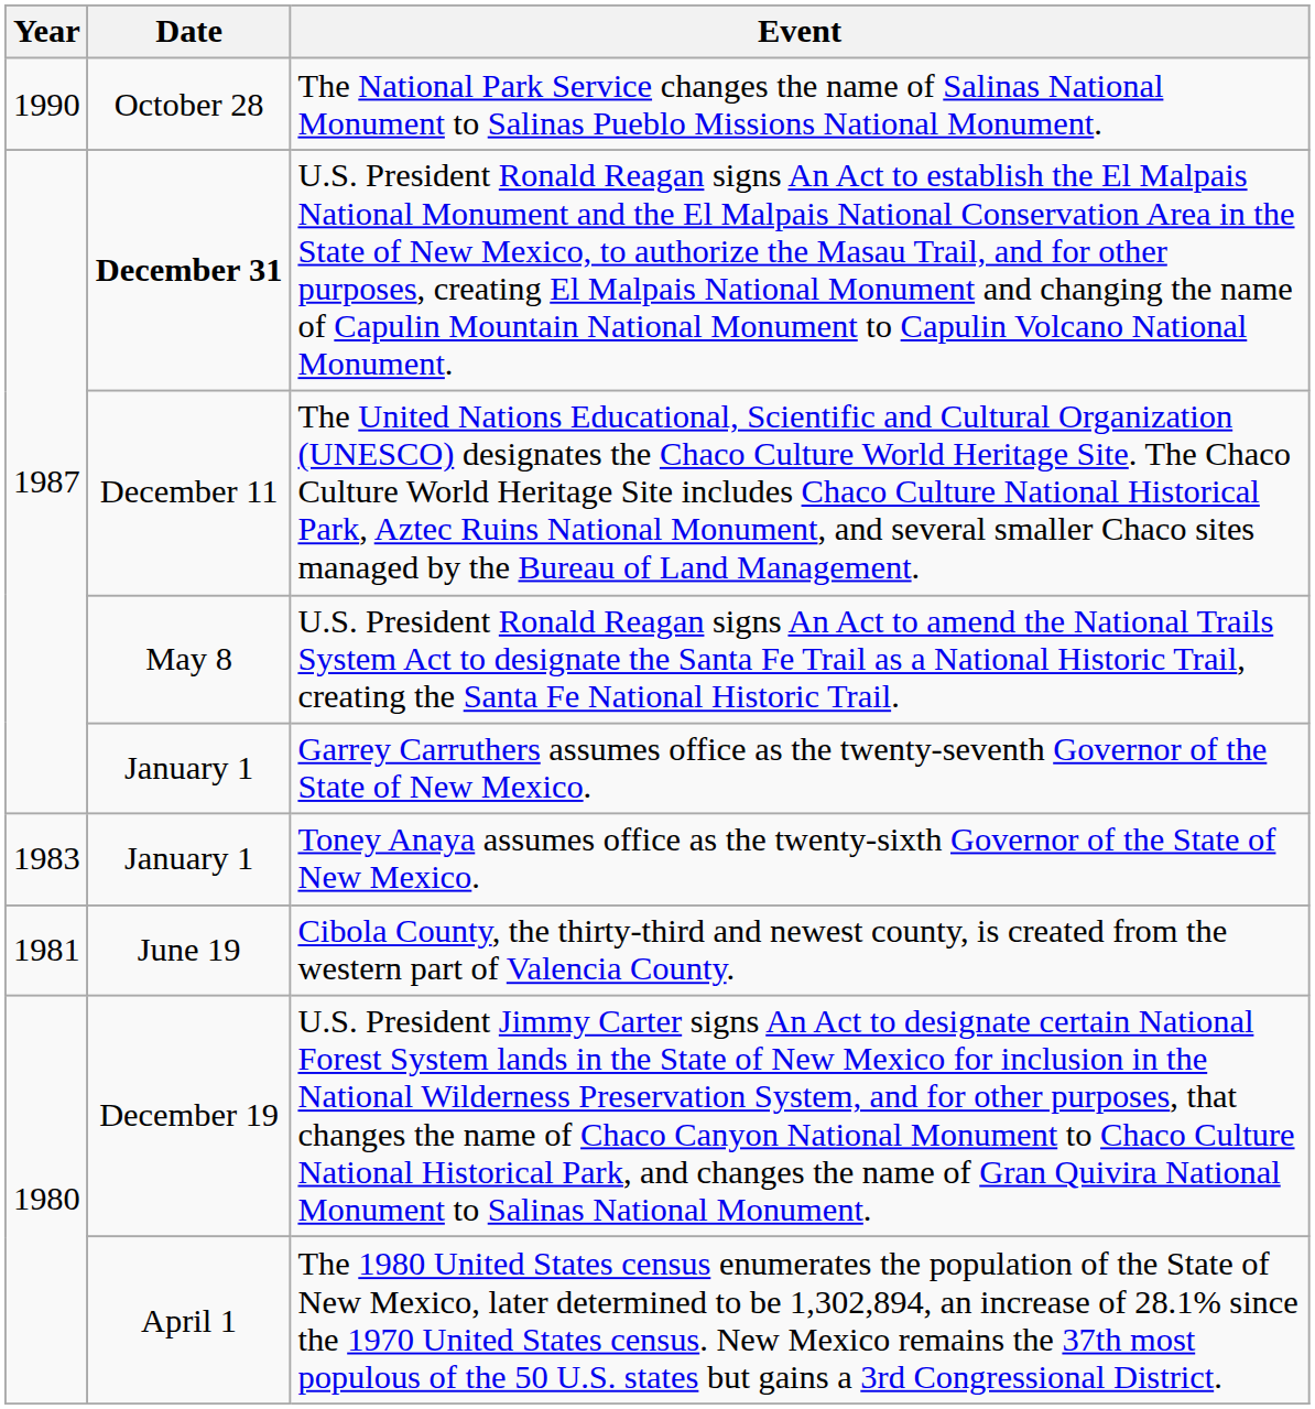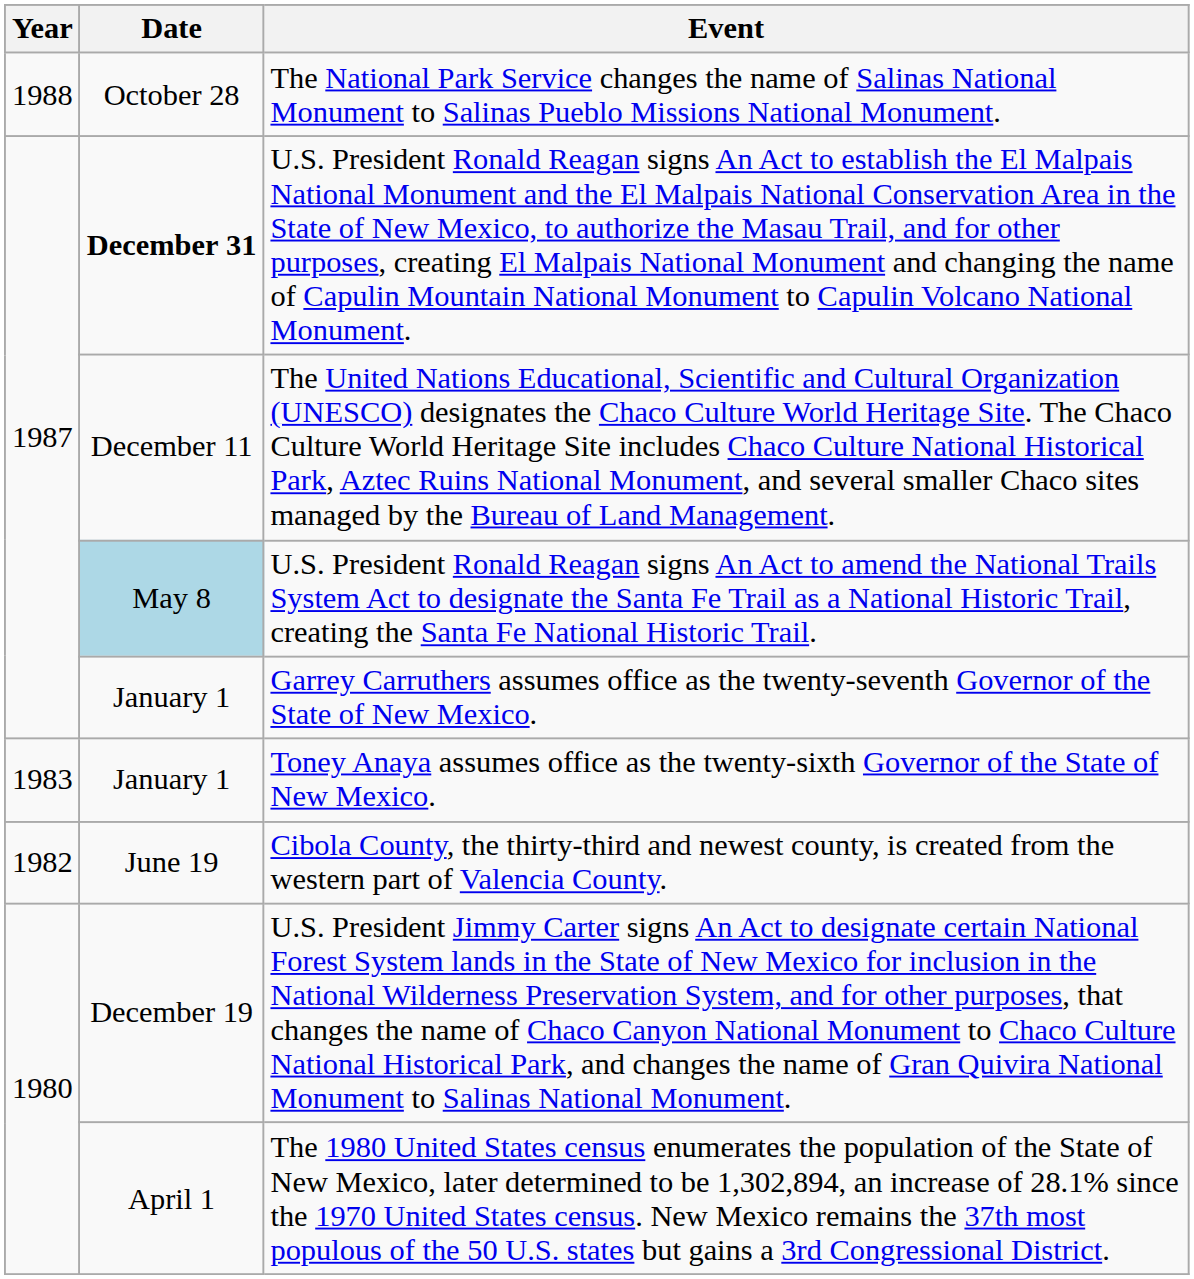 <table class="wikitable" style="width:100%;">
 <tr>
 <th style="width:6%">Year</th>
 <th style="width:8%">Date</th>
 <th style="width:86%">Event</th>
 </tr>
 <tr>
-<td align=center rowspan=1>1990</td>
+<td align=center rowspan=1>1988</td>
 <td align=center>October 28</td>
 <td>The <a href='#'>National Park Service</a> changes the name of <a href='#'>Salinas National Monument</a> to <a href='#'>Salinas Pueblo Missions National Monument</a>.</td>
 </tr>
 <tr>
 <td align=center rowspan=4>1987</td>
 <td align=center><strong>December 31</strong></td>
 <td>U.S. President <a href='#'>Ronald Reagan</a> signs <a href='#'>An Act to establish the El Malpais National Monument and the El Malpais National Conservation Area in the State of New Mexico, to authorize the Masau Trail, and for other purposes</a>, creating <a href='#'>El Malpais National Monument</a> and changing the name of <a href='#'>Capulin Mountain National Monument</a> to <a href='#'>Capulin Volcano National Monument</a>.</td>
 </tr>
 <tr>
 <td align=center>December 11</td>
 <td>The <a href='#'>United Nations Educational, Scientific and Cultural Organization (UNESCO)</a> designates the <a href='#'>Chaco Culture World Heritage Site</a>.  The Chaco Culture World Heritage Site includes <a href='#'>Chaco Culture National Historical Park</a>, <a href='#'>Aztec Ruins National Monument</a>, and several smaller Chaco sites managed by the <a href='#'>Bureau of Land Management</a>.</td>
 </tr>
 <tr>
-<td align=center>May 8</td>
+<td align=center style="background: lightblue;">May 8</td>
 <td>U.S. President <a href='#'>Ronald Reagan</a> signs <a href='#'>An Act to amend the National Trails System Act to designate the Santa Fe Trail as a National Historic Trail</a>, creating the <a href='#'>Santa Fe National Historic Trail</a>.</td>
 </tr>
 <tr>
 <td align=center>January 1</td>
 <td><a href='#'>Garrey Carruthers</a> assumes office as the twenty-seventh <a href='#'>Governor of the State of New Mexico</a>.</td>
 </tr>
 <tr>
 <td align=center rowspan=1>1983</td>
 <td align=center>January 1</td>
 <td><a href='#'>Toney Anaya</a> assumes office as the twenty-sixth <a href='#'>Governor of the State of New Mexico</a>.</td>
 </tr>
 <tr>
-<td align=center rowspan=1>1981</td>
+<td align=center rowspan=1>1982</td>
 <td align=center>June 19</td>
 <td><a href='#'>Cibola County</a>, the thirty-third and newest county, is created from the western part of <a href='#'>Valencia County</a>.</td>
 </tr>
 <tr>
 <td align=center rowspan=2>1980</td>
 <td align=center>December 19</td>
 <td>U.S. President <a href='#'>Jimmy Carter</a> signs <a href='#'>An Act to designate certain National Forest System lands in the State of New Mexico for inclusion in the National Wilderness Preservation System, and for other purposes</a>, that changes the name of <a href='#'>Chaco Canyon National Monument</a> to <a href='#'>Chaco Culture National Historical Park</a>, and changes the name of <a href='#'>Gran Quivira National Monument</a> to <a href='#'>Salinas National Monument</a>.</td>
 </tr>
 <tr>
 <td align=center>April 1</td>
 <td>The <a href='#'>1980 United States census</a> enumerates the population of the State of New Mexico, later determined to be 1,302,894, an increase of 28.1% since the <a href='#'>1970 United States census</a>. New Mexico remains the <a href='#'>37th most populous of the 50 U.S. states</a> but gains a <a href='#'>3rd Congressional District</a>.</td>
 </tr>
 </table>
